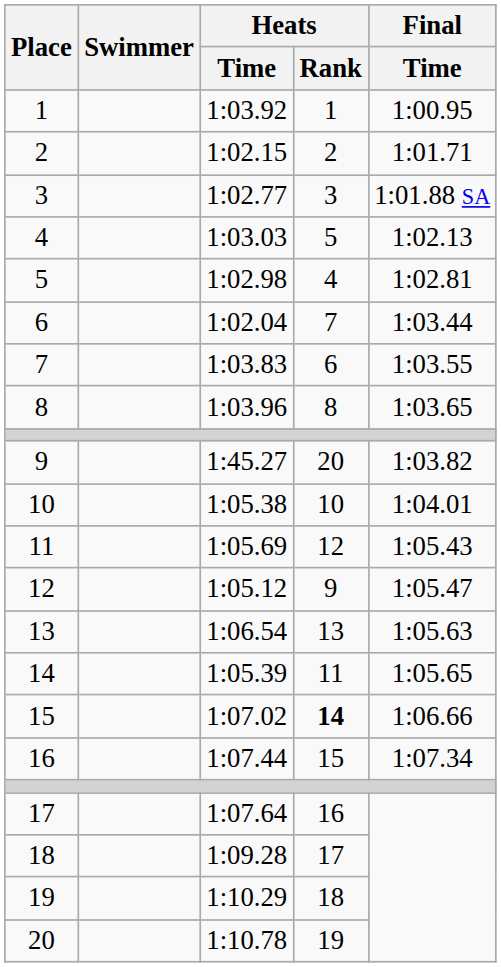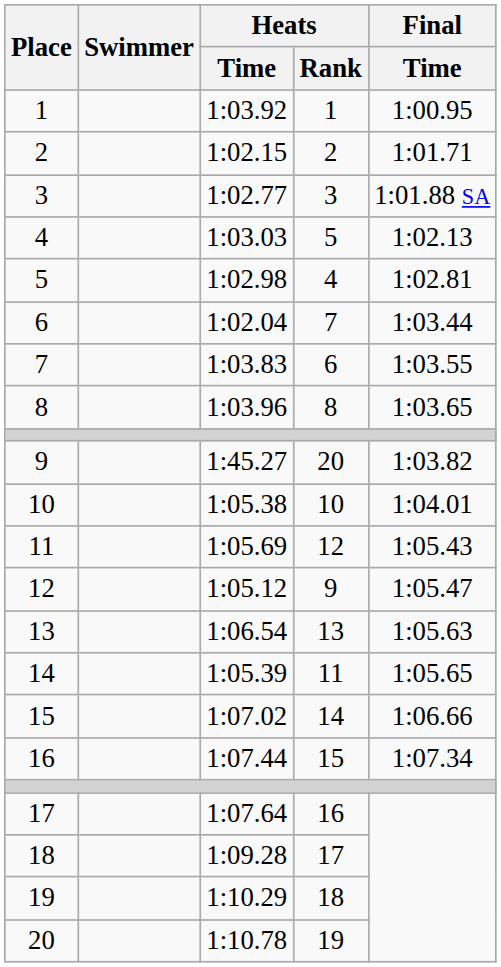 <table class="wikitable" style="text-align:center;">
 <tr>
 <th rowspan="2">Place</th>
 <th rowspan="2">Swimmer</th>
 <th colspan="2">Heats</th>
 <th>Final</th>
 </tr>
 <tr>
 <th>Time</th>
 <th>Rank</th>
 <th>Time</th>
 </tr>
 <tr>
 <td>1</td>
 <td align="left"></td>
 <td>1:03.92</td>
 <td>1</td>
 <td>1:00.95</td>
 </tr>
 <tr>
 <td>2</td>
 <td align=left></td>
 <td>1:02.15</td>
 <td>2</td>
 <td>1:01.71</td>
 </tr>
 <tr>
 <td>3</td>
 <td align=left></td>
 <td>1:02.77</td>
 <td>3</td>
 <td>1:01.88 <small><a href='#'>SA</a></small></td>
 </tr>
 <tr>
 <td>4</td>
 <td align=left></td>
 <td>1:03.03</td>
 <td>5</td>
 <td>1:02.13</td>
 </tr>
 <tr>
 <td>5</td>
 <td align=left></td>
 <td>1:02.98</td>
 <td>4</td>
 <td>1:02.81</td>
 </tr>
 <tr>
 <td>6</td>
 <td align=left></td>
 <td>1:02.04</td>
 <td>7</td>
 <td>1:03.44</td>
 </tr>
 <tr>
 <td>7</td>
 <td align=left></td>
 <td>1:03.83</td>
 <td>6</td>
 <td>1:03.55</td>
 </tr>
 <tr>
 <td>8</td>
 <td align=left></td>
 <td>1:03.96</td>
 <td>8</td>
 <td>1:03.65</td>
 </tr>
 <tr>
 <td colspan=5 bgcolor=lightgray></td>
 </tr>
 <tr>
 <td>9</td>
 <td align="left"></td>
 <td>1:45.27</td>
 <td>20</td>
 <td>1:03.82</td>
 </tr>
 <tr>
 <td>10</td>
 <td align="left"></td>
 <td>1:05.38</td>
 <td>10</td>
 <td>1:04.01</td>
 </tr>
 <tr>
 <td>11</td>
 <td align="left"></td>
 <td>1:05.69</td>
 <td>12</td>
 <td>1:05.43</td>
 </tr>
 <tr>
 <td>12</td>
 <td align="left"></td>
 <td>1:05.12</td>
 <td>9</td>
 <td>1:05.47</td>
 </tr>
 <tr>
 <td>13</td>
 <td align="left"></td>
 <td>1:06.54</td>
 <td>13</td>
 <td>1:05.63</td>
 </tr>
 <tr>
 <td>14</td>
 <td align="left"></td>
 <td>1:05.39</td>
 <td>11</td>
 <td>1:05.65</td>
 </tr>
 <tr>
 <td>15</td>
 <td align="left"></td>
 <td>1:07.02</td>
-<td><strong>14</strong></td>
+<td>14</td>
 <td>1:06.66</td>
 </tr>
 <tr>
 <td>16</td>
 <td align="left"></td>
 <td>1:07.44</td>
 <td>15</td>
 <td>1:07.34</td>
 </tr>
 <tr>
 <td colspan=5 bgcolor=lightgray></td>
 </tr>
 <tr>
 <td>17</td>
 <td align="left"></td>
 <td>1:07.64</td>
 <td>16</td>
 <td colspan="2" rowspan=4></td>
 </tr>
 <tr>
 <td>18</td>
 <td align="left"></td>
 <td>1:09.28</td>
 <td>17</td>
 </tr>
 <tr>
 <td>19</td>
 <td align="left"></td>
 <td>1:10.29</td>
 <td>18</td>
 </tr>
 <tr>
 <td>20</td>
 <td align="left"></td>
 <td>1:10.78</td>
 <td>19</td>
 </tr>
 </table>
